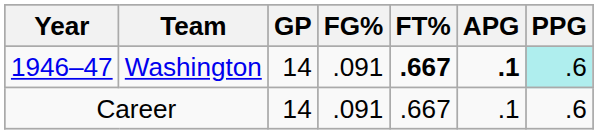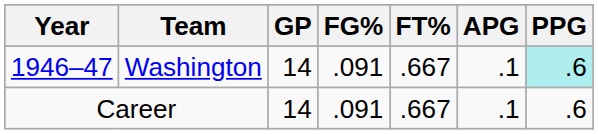 <table class="wikitable sortable" style="font-size:95%; text-align:right;">
 <tr>
 <th>Year</th>
 <th>Team</th>
 <th>GP</th>
 <th>FG%</th>
 <th>FT%</th>
 <th>APG</th>
 <th>PPG</th>
 </tr>
 <tr>
 <td style="text-align:left;"><a href='#'>1946–47</a></td>
 <td style="text-align:left;"><a href='#'>Washington</a></td>
 <td>14</td>
 <td>.091</td>
-<td><strong>.667</strong></td>
-<td><strong>.1</strong></td>
+<td>.667</td>
+<td>.1</td>
 <td style="background: paleturquoise;">.6</td>
 </tr>
 <tr>
 <td style="text-align:center;" colspan="2">Career</td>
 <td>14</td>
 <td>.091</td>
 <td>.667</td>
 <td>.1</td>
 <td>.6</td>
 </tr>
 </table>
